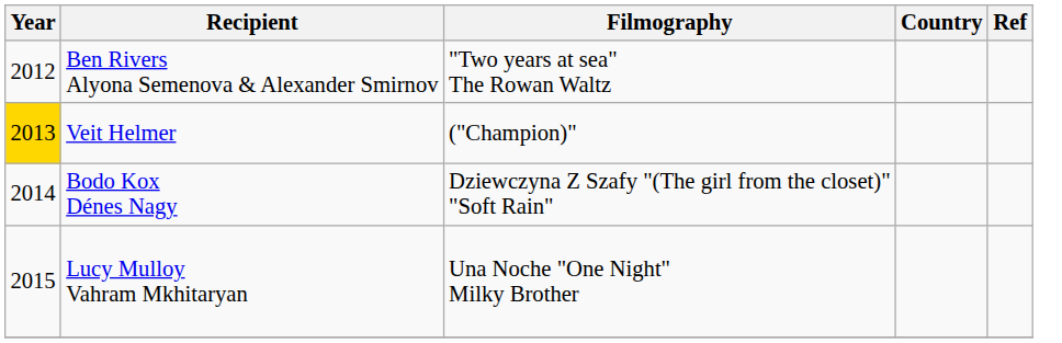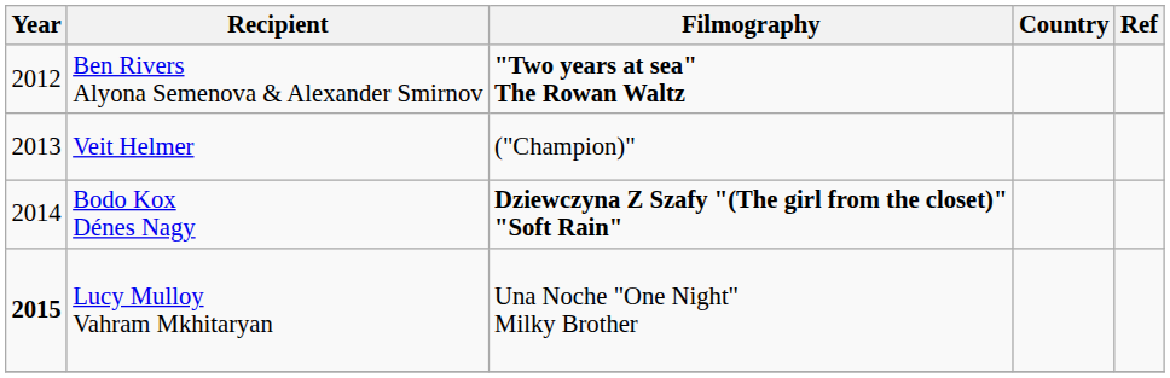 <table class="wikitable unsortable">
 <tr>
 <th>Year</th>
 <th>Recipient</th>
 <th>Filmography</th>
 <th>Country</th>
 <th>Ref</th>
 </tr>
 <tr>
 <td>2012</td>
 <td><a href='#'>Ben Rivers</a><br>Alyona Semenova & Alexander Smirnov</td>
-<td>"Two years at sea"<br>The Rowan Waltz</td>
+<td><strong>"Two years at sea"<br>The Rowan Waltz</strong></td>
 <td><br></td>
 <td></td>
 </tr>
 <tr>
-<td style="background: gold;">2013</td>
+<td>2013</td>
 <td><a href='#'>Veit Helmer</a></td>
 <td> ("Champion)"</td>
 <td><br><br></td>
 <td></td>
 </tr>
 <tr>
 <td>2014</td>
 <td><a href='#'>Bodo Kox</a><br><a href='#'>Dénes Nagy</a></td>
-<td>Dziewczyna Z Szafy "(The girl from the closet)"<br>"Soft Rain"</td>
+<td><strong>Dziewczyna Z Szafy "(The girl from the closet)"<br>"Soft Rain"</strong></td>
 <td><br><br></td>
 <td></td>
 </tr>
 <tr>
-<td>2015</td>
+<td><strong>2015</strong></td>
 <td><a href='#'>Lucy Mulloy</a><br>Vahram Mkhitaryan</td>
 <td>Una Noche "One Night"<br>Milky Brother</td>
 <td><br><br><br><br></td>
 <td></td>
 </tr>
 <tr>
 </tr>
 </table>
